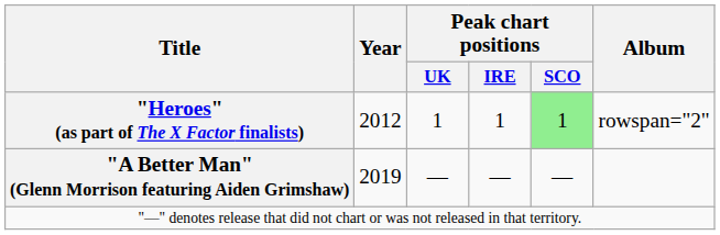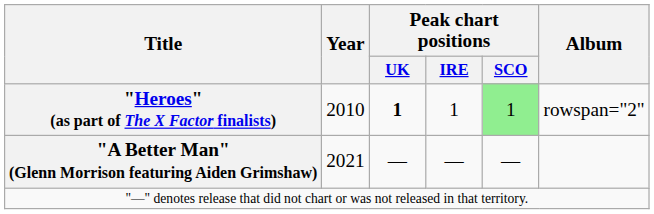 <table class="wikitable plainrowheaders" style="text-align:center;">
 <tr>
 <th scope="col" rowspan="2">Title</th>
 <th scope="col" rowspan="2">Year</th>
 <th scope="col" colspan="3">Peak chart positions</th>
 <th scope="col" rowspan="2">Album</th>
 </tr>
 <tr>
 <th scope="col" style="width:3em;font-size:85%;"><a href='#'>UK</a><br></th>
 <th scope="col" style="width:3em;font-size:85%;"><a href='#'>IRE</a><br></th>
 <th scope="col" style="width:3em;font-size:85%;"><a href='#'>SCO</a><br></th>
 </tr>
 <tr>
 <th scope="row">"<a href='#'>Heroes</a>"<br><small>(as part of <a href='#'><em>The X Factor</em> finalists</a>)</small></th>
-<td>2012</td>
-<td>1</td>
+<td>2010</td>
+<td><strong>1</strong></td>
 <td>1</td>
 <td style="background: lightgreen;">1</td>
 <td>rowspan="2" </td>
 </tr>
 <tr>
 <th scope="row">"A Better Man"<br><small>(Glenn Morrison featuring Aiden Grimshaw)</small></th>
-<td>2019</td>
+<td>2021</td>
 <td>—</td>
 <td>—</td>
 <td>—</td>
 </tr>
 <tr>
 <td colspan="8" style="font-size:8.5pt">"—" denotes release that did not chart or was not released in that territory.</td>
 </tr>
 </table>
